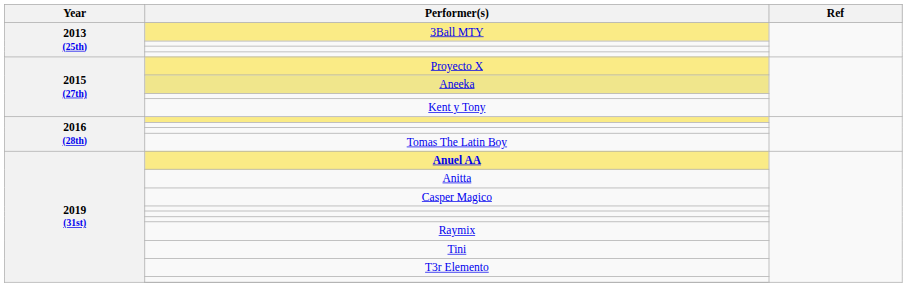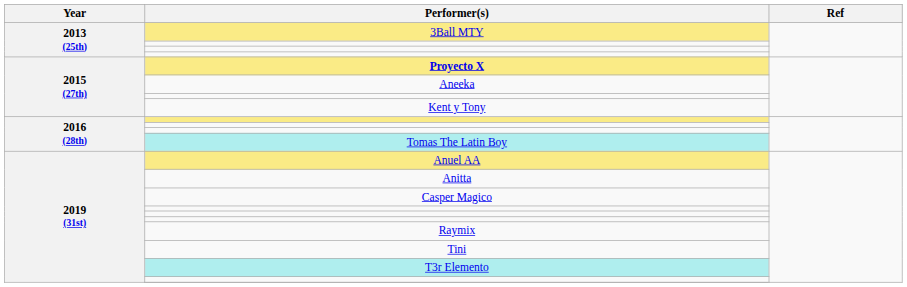 <table class="wikitable sortable" style="text-align:center;">
 <tr style="background:#bebebe;">
 <th scope="col" style="width:1%;">Year</th>
 <th scope="col" style="width:5%;">Performer(s)</th>
 <th scope="col" style="width:1%;" class="unsortable">Ref</th>
 </tr>
 <tr>
 <th scope="row" rowspan=4>2013 <br><small><a href='#'>(25th)</a></small></th>
 <td style="background:#FAEB86"><a href='#'>3Ball MTY</a></td>
 <td rowspan=4></td>
 </tr>
 <tr>
 <td></td>
 </tr>
 <tr>
 <td></td>
 </tr>
 <tr>
 <td></td>
 </tr>
 <tr>
 <th scope="row" rowspan=4>2015 <br><small><a href='#'>(27th)</a></small></th>
-<td style="background:#FAEB86"><a href='#'>Proyecto X</a></td>
+<td style="background:#FAEB86"><strong><a href='#'>Proyecto X</a></strong></td>
 <td rowspan=4></td>
 </tr>
 <tr>
-<td style="background: khaki;"><a href='#'>Aneeka</a></td>
+<td><a href='#'>Aneeka</a></td>
 </tr>
 <tr>
 <td></td>
 </tr>
 <tr>
 <td><a href='#'>Kent y Tony</a></td>
 </tr>
 <tr>
 <th scope="row" rowspan=4>2016 <br><small><a href='#'>(28th)</a></small></th>
 <td style="background:#FAEB86"></td>
 <td rowspan=4></td>
 </tr>
 <tr>
 <td></td>
 </tr>
 <tr>
 <td></td>
 </tr>
 <tr>
-<td><a href='#'>Tomas The Latin Boy</a></td>
+<td style="background: paleturquoise;"><a href='#'>Tomas The Latin Boy</a></td>
 </tr>
 <tr>
 <th scope="row" rowspan=11>2019 <br><small><a href='#'>(31st)</a></small></th>
-<td style="background:#FAEB86"><strong><a href='#'>Anuel AA</a></strong></td>
+<td style="background:#FAEB86"><a href='#'>Anuel AA</a></td>
 <td rowspan=11></td>
 </tr>
 <tr>
 <td><a href='#'>Anitta</a></td>
 </tr>
 <tr>
 <td><a href='#'>Casper Magico</a></td>
 </tr>
 <tr>
 <td></td>
 </tr>
 <tr>
 <td></td>
 </tr>
 <tr>
 <td></td>
 </tr>
 <tr>
 <td><a href='#'>Raymix</a></td>
 </tr>
 <tr>
 <td><a href='#'>Tini</a></td>
 </tr>
 <tr>
-<td><a href='#'>T3r Elemento</a></td>
+<td style="background: paleturquoise;"><a href='#'>T3r Elemento</a></td>
 </tr>
 <tr>
 <td></td>
 </tr>
 <tr>
 </tr>
 </table>
